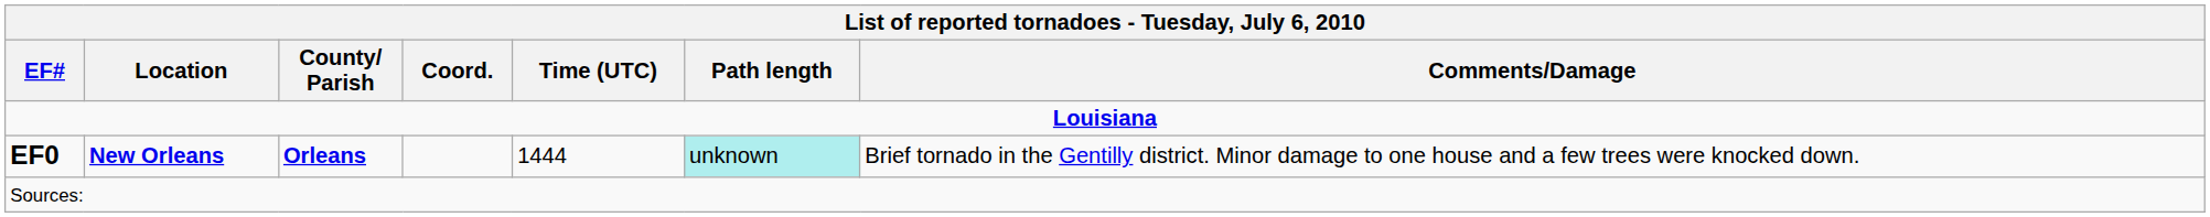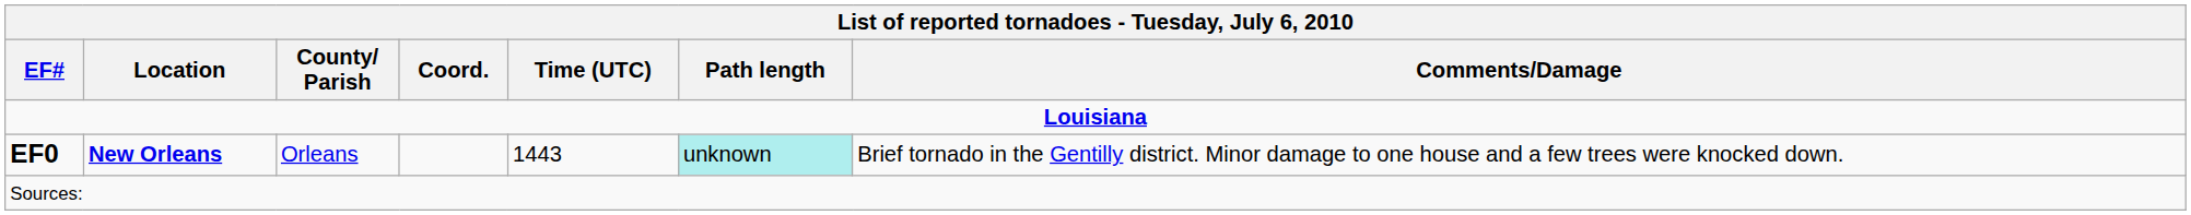 <table class="wikitable collapsible" style="width:100%;">
 <tr>
 <th colspan="7">List of reported tornadoes - Tuesday, July 6, 2010</th>
 </tr>
 <tr>
 <th><a href='#'>EF#</a></th>
 <th>Location</th>
 <th>County/<br>Parish</th>
 <th>Coord.</th>
 <th>Time (UTC)</th>
 <th>Path length</th>
 <th>Comments/Damage</th>
 </tr>
 <tr>
 <td colspan="7" style="text-align:center;"><strong><a href='#'>Louisiana</a></strong></td>
 </tr>
 <tr>
 <td><big><strong>EF0</strong></big></td>
 <td><strong><a href='#'>New Orleans</a></strong></td>
-<td><strong><a href='#'>Orleans</a></strong></td>
+<td><a href='#'>Orleans</a></td>
 <td></td>
-<td>1444</td>
+<td>1443</td>
 <td style="background: paleturquoise;">unknown</td>
 <td>Brief tornado in the <a href='#'>Gentilly</a> district. Minor damage to one house and a few trees were knocked down.</td>
 </tr>
 <tr>
 <td colspan="7"><small>Sources: </small></td>
 </tr>
 </table>
